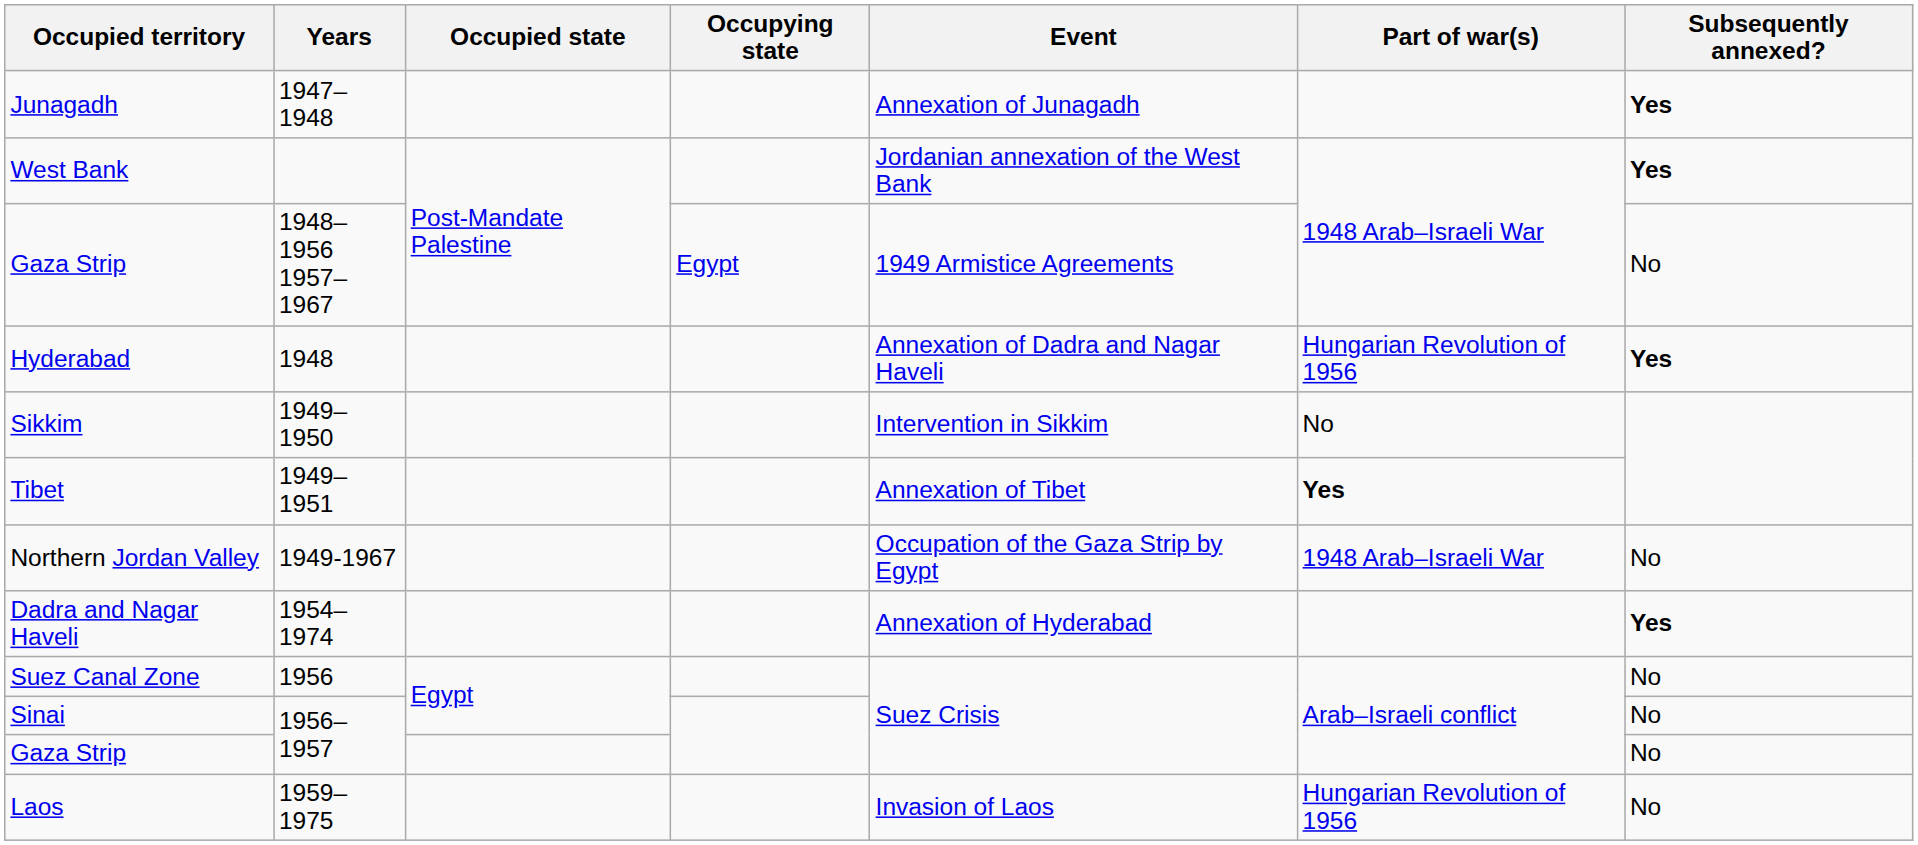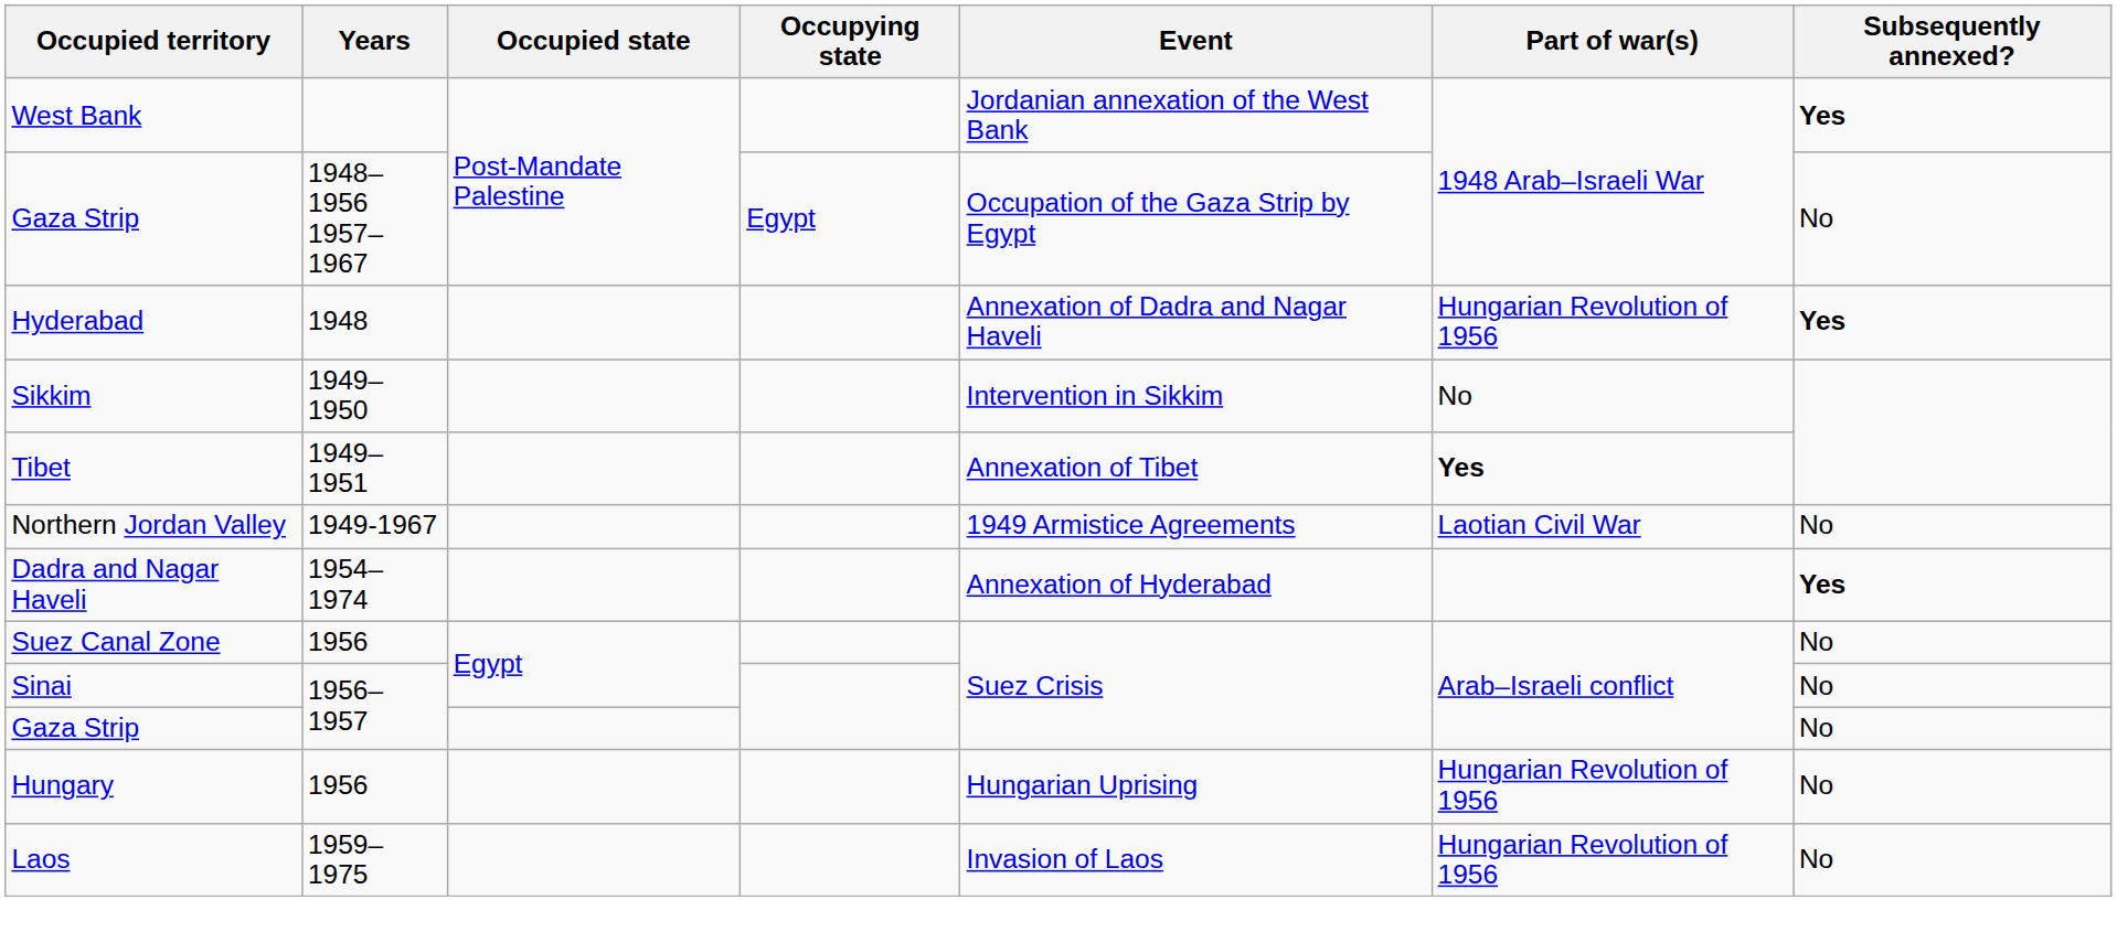 <table class="wikitable sortable">
 <tr>
 <th>Occupied territory</th>
 <th>Years</th>
 <th>Occupied state</th>
 <th>Occupying state</th>
 <th>Event</th>
 <th>Part of war(s)</th>
 <th>Subsequently annexed?</th>
-</tr>
-<tr>
-<td><a href='#'>Junagadh</a></td>
-<td>1947–1948</td>
-<td></td>
-<td></td>
-<td><a href='#'>Annexation of Junagadh</a></td>
-<td></td>
-<td><strong>Yes</strong></td>
 </tr>
 <tr>
 <td><a href='#'>West Bank</a></td>
 <td></td>
 <td rowspan=2><a href='#'>Post-Mandate Palestine</a></td>
 <td></td>
 <td><a href='#'>Jordanian annexation of the West Bank</a></td>
 <td rowspan=2><a href='#'>1948 Arab–Israeli War</a></td>
 <td><strong>Yes</strong></td>
 </tr>
 <tr>
 <td><a href='#'>Gaza Strip</a></td>
 <td>1948–1956<br>1957–1967</td>
 <td> <a href='#'>Egypt</a></td>
-<td><a href='#'>1949 Armistice Agreements</a></td>
+<td><a href='#'>Occupation of the Gaza Strip by Egypt</a></td>
 <td>No</td>
 </tr>
 <tr>
 <td><a href='#'>Hyderabad</a></td>
 <td>1948</td>
 <td></td>
 <td></td>
 <td><a href='#'>Annexation of Dadra and Nagar Haveli</a></td>
 <td><a href='#'>Hungarian Revolution of 1956</a></td>
 <td><strong>Yes</strong></td>
 </tr>
 <tr>
 <td><a href='#'>Sikkim</a></td>
 <td>1949–1950</td>
 <td></td>
 <td></td>
 <td><a href='#'>Intervention in Sikkim</a></td>
 <td>No</td>
 </tr>
 <tr>
 <td><a href='#'>Tibet</a></td>
 <td>1949–1951</td>
 <td></td>
 <td></td>
 <td><a href='#'>Annexation of Tibet</a></td>
 <td><strong>Yes</strong></td>
 </tr>
 <tr>
 <td>Northern <a href='#'>Jordan Valley</a></td>
 <td>1949-1967</td>
 <td></td>
 <td></td>
-<td><a href='#'>Occupation of the Gaza Strip by Egypt</a></td>
-<td><a href='#'>1948 Arab–Israeli War</a></td>
+<td><a href='#'>1949 Armistice Agreements</a></td>
+<td><a href='#'>Laotian Civil War</a></td>
 <td>No</td>
 </tr>
 <tr>
 <td><a href='#'>Dadra and Nagar Haveli</a></td>
 <td>1954–1974</td>
 <td></td>
 <td></td>
 <td><a href='#'>Annexation of Hyderabad</a></td>
 <td></td>
 <td><strong>Yes</strong></td>
 </tr>
 <tr>
 <td><a href='#'>Suez Canal Zone</a></td>
 <td>1956</td>
 <td rowspan=2> <a href='#'>Egypt</a></td>
 <td></td>
 <td rowspan=3><a href='#'>Suez Crisis</a></td>
 <td rowspan=3><a href='#'>Arab–Israeli conflict</a></td>
 <td>No</td>
 </tr>
 <tr>
 <td><a href='#'>Sinai</a></td>
 <td rowspan=2>1956–1957</td>
 <td rowspan=2></td>
 <td>No</td>
 </tr>
 <tr>
 <td><a href='#'>Gaza Strip</a></td>
 <td></td>
 <td>No</td>
 </tr>
 <tr>
+<td><a href='#'>Hungary</a></td>
+<td>1956</td>
+<td></td>
+<td></td>
+<td><a href='#'>Hungarian Uprising</a></td>
+<td><a href='#'>Hungarian Revolution of 1956</a></td>
+<td>No</td>
+</tr>
+<tr>
 <td><a href='#'>Laos</a></td>
 <td>1959–1975</td>
 <td></td>
 <td></td>
 <td><a href='#'>Invasion of Laos</a></td>
 <td><a href='#'>Hungarian Revolution of 1956</a></td>
 <td>No</td>
 </tr>
 </table>
